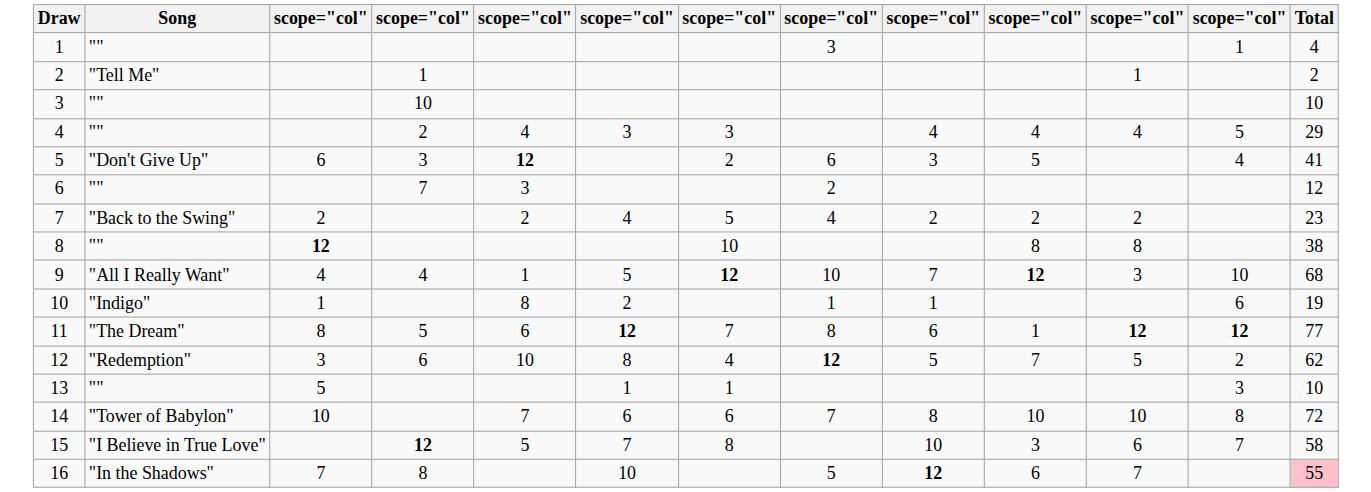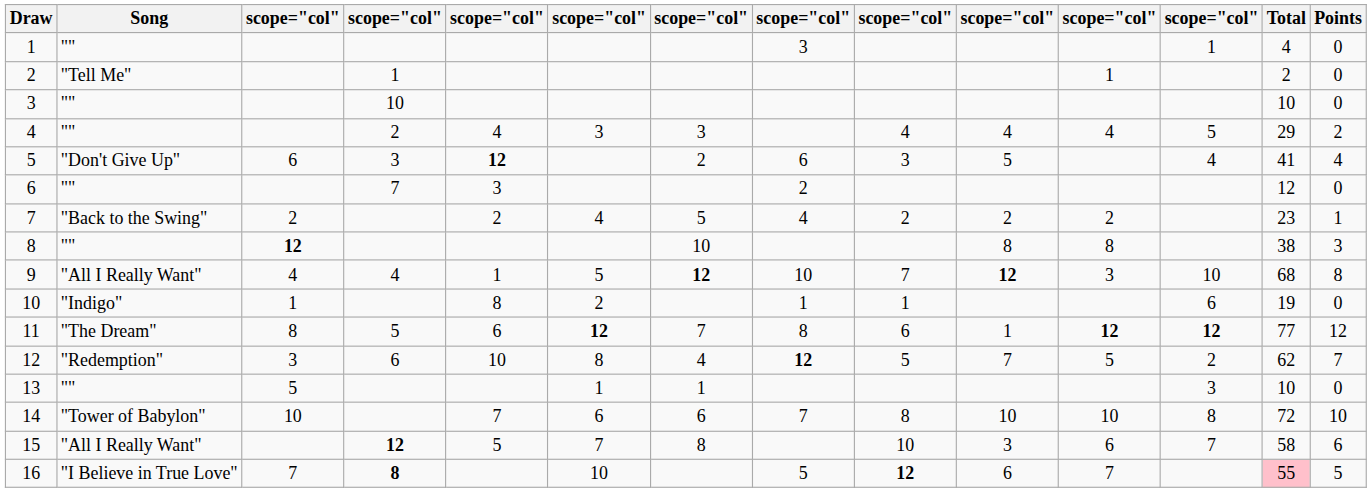 <table class="wikitable collapsible" style="margin: 1em auto 1em auto; text-align:center;">
 <tr>
 <th>Draw</th>
 <th>Song</th>
 <th>scope="col" </th>
 <th>scope="col" </th>
 <th>scope="col" </th>
 <th>scope="col" </th>
 <th>scope="col" </th>
 <th>scope="col" </th>
 <th>scope="col" </th>
 <th>scope="col" </th>
 <th>scope="col" </th>
 <th>scope="col" </th>
 <th>Total</th>
+<th>Points</th>
 </tr>
 <tr>
 <td>1</td>
 <td align="left">""</td>
 <td></td>
 <td></td>
 <td></td>
 <td></td>
 <td></td>
 <td>3</td>
 <td></td>
 <td></td>
 <td></td>
 <td>1</td>
 <td>4</td>
+<td>0</td>
 </tr>
 <tr>
 <td>2</td>
 <td align="left">"Tell Me"</td>
 <td></td>
 <td>1</td>
 <td></td>
 <td></td>
 <td></td>
 <td></td>
 <td></td>
 <td></td>
 <td>1</td>
 <td></td>
 <td>2</td>
+<td>0</td>
 </tr>
 <tr>
 <td>3</td>
 <td align="left">""</td>
 <td></td>
 <td>10</td>
 <td></td>
 <td></td>
 <td></td>
 <td></td>
 <td></td>
 <td></td>
 <td></td>
 <td></td>
 <td>10</td>
+<td>0</td>
 </tr>
 <tr>
 <td>4</td>
 <td align="left">""</td>
 <td></td>
 <td>2</td>
 <td>4</td>
 <td>3</td>
 <td>3</td>
 <td></td>
 <td>4</td>
 <td>4</td>
 <td>4</td>
 <td>5</td>
 <td>29</td>
+<td>2</td>
 </tr>
 <tr>
 <td>5</td>
 <td align="left">"Don't Give Up"</td>
 <td>6</td>
 <td>3</td>
 <td><strong>12</strong></td>
 <td></td>
 <td>2</td>
 <td>6</td>
 <td>3</td>
 <td>5</td>
 <td></td>
 <td>4</td>
 <td>41</td>
+<td>4</td>
 </tr>
 <tr>
 <td>6</td>
 <td align="left">""</td>
 <td></td>
 <td>7</td>
 <td>3</td>
 <td></td>
 <td></td>
 <td>2</td>
 <td></td>
 <td></td>
 <td></td>
 <td></td>
 <td>12</td>
+<td>0</td>
 </tr>
 <tr>
 <td>7</td>
 <td align="left">"Back to the Swing"</td>
 <td>2</td>
 <td></td>
 <td>2</td>
 <td>4</td>
 <td>5</td>
 <td>4</td>
 <td>2</td>
 <td>2</td>
 <td>2</td>
 <td></td>
 <td>23</td>
+<td>1</td>
 </tr>
 <tr>
 <td>8</td>
 <td align="left">""</td>
 <td><strong>12</strong></td>
 <td></td>
 <td></td>
 <td></td>
 <td>10</td>
 <td></td>
 <td></td>
 <td>8</td>
 <td>8</td>
 <td></td>
 <td>38</td>
+<td>3</td>
 </tr>
 <tr>
 <td>9</td>
 <td align="left">"All I Really Want"</td>
 <td>4</td>
 <td>4</td>
 <td>1</td>
 <td>5</td>
 <td><strong>12</strong></td>
 <td>10</td>
 <td>7</td>
 <td><strong>12</strong></td>
 <td>3</td>
 <td>10</td>
 <td>68</td>
+<td>8</td>
 </tr>
 <tr>
 <td>10</td>
 <td align="left">"Indigo"</td>
 <td>1</td>
 <td></td>
 <td>8</td>
 <td>2</td>
 <td></td>
 <td>1</td>
 <td>1</td>
 <td></td>
 <td></td>
 <td>6</td>
 <td>19</td>
+<td>0</td>
 </tr>
 <tr>
 <td>11</td>
 <td align="left">"The Dream"</td>
 <td>8</td>
 <td>5</td>
 <td>6</td>
 <td><strong>12</strong></td>
 <td>7</td>
 <td>8</td>
 <td>6</td>
 <td>1</td>
 <td><strong>12</strong></td>
 <td><strong>12</strong></td>
 <td>77</td>
+<td>12</td>
 </tr>
 <tr>
 <td>12</td>
 <td align="left">"Redemption"</td>
 <td>3</td>
 <td>6</td>
 <td>10</td>
 <td>8</td>
 <td>4</td>
 <td><strong>12</strong></td>
 <td>5</td>
 <td>7</td>
 <td>5</td>
 <td>2</td>
 <td>62</td>
+<td>7</td>
 </tr>
 <tr>
 <td>13</td>
 <td align="left">""</td>
 <td>5</td>
 <td></td>
 <td></td>
 <td>1</td>
 <td>1</td>
 <td></td>
 <td></td>
 <td></td>
 <td></td>
 <td>3</td>
 <td>10</td>
+<td>0</td>
 </tr>
 <tr>
 <td>14</td>
 <td align="left">"Tower of Babylon"</td>
 <td>10</td>
 <td></td>
 <td>7</td>
 <td>6</td>
 <td>6</td>
 <td>7</td>
 <td>8</td>
 <td>10</td>
 <td>10</td>
 <td>8</td>
 <td>72</td>
+<td>10</td>
 </tr>
 <tr>
 <td>15</td>
-<td align="left">"I Believe in True Love"</td>
+<td align="left">"All I Really Want"</td>
 <td></td>
 <td><strong>12</strong></td>
 <td>5</td>
 <td>7</td>
 <td>8</td>
 <td></td>
 <td>10</td>
 <td>3</td>
 <td>6</td>
 <td>7</td>
 <td>58</td>
+<td>6</td>
 </tr>
 <tr>
 <td>16</td>
-<td align="left">"In the Shadows"</td>
+<td align="left">"I Believe in True Love"</td>
 <td>7</td>
-<td>8</td>
+<td><strong>8</strong></td>
 <td></td>
 <td>10</td>
 <td></td>
 <td>5</td>
 <td><strong>12</strong></td>
 <td>6</td>
 <td>7</td>
 <td></td>
 <td style="background: pink;">55</td>
+<td>5</td>
 </tr>
 </table>
